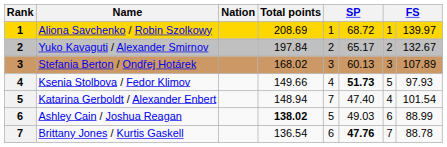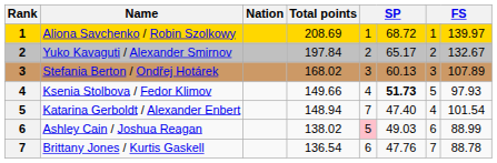 <table class="wikitable sortable">
 <tr>
 <th>Rank</th>
 <th>Name</th>
 <th>Nation</th>
 <th>Total points</th>
 <th colspan="2" width="80px"><a href='#'>SP</a></th>
 <th colspan="2" width="80px"><a href='#'>FS</a></th>
 </tr>
 <tr bgcolor="gold">
 <td align="center"><strong>1</strong></td>
 <td><a href='#'>Aliona Savchenko</a> / <a href='#'>Robin Szolkowy</a></td>
 <td></td>
 <td align="center">208.69</td>
 <td align="center">1</td>
 <td align="center">68.72</td>
 <td align="center">1</td>
 <td align="center">139.97</td>
 </tr>
 <tr bgcolor="silver">
 <td align="center"><strong>2</strong></td>
 <td><a href='#'>Yuko Kavaguti</a> / <a href='#'>Alexander Smirnov</a></td>
 <td></td>
 <td align="center">197.84</td>
 <td align="center">2</td>
 <td align="center">65.17</td>
 <td align="center">2</td>
 <td align="center">132.67</td>
 </tr>
 <tr bgcolor="cc9966">
 <td align="center"><strong>3</strong></td>
 <td><a href='#'>Stefania Berton</a> / <a href='#'>Ondřej Hotárek</a></td>
 <td></td>
 <td align="center">168.02</td>
 <td align="center">3</td>
 <td align="center">60.13</td>
 <td align="center">3</td>
 <td align="center">107.89</td>
 </tr>
 <tr>
 <th>4</th>
 <td><a href='#'>Ksenia Stolbova</a> / <a href='#'>Fedor Klimov</a></td>
 <td></td>
 <td align="center">149.66</td>
 <td align="center">4</td>
 <td align="center"><strong>51.73</strong></td>
 <td align="center">5</td>
 <td align="center">97.93</td>
 </tr>
 <tr>
 <th>5</th>
 <td><a href='#'>Katarina Gerboldt</a> / <a href='#'>Alexander Enbert</a></td>
 <td></td>
 <td align="center">148.94</td>
 <td align="center">7</td>
 <td align="center">47.40</td>
 <td align="center">4</td>
 <td align="center">101.54</td>
 </tr>
 <tr>
 <th>6</th>
 <td><a href='#'>Ashley Cain</a> / <a href='#'>Joshua Reagan</a></td>
 <td></td>
-<td align="center"><strong>138.02</strong></td>
-<td align="center">5</td>
+<td align="center">138.02</td>
+<td align="center" style="background: pink;">5</td>
 <td align="center">49.03</td>
 <td align="center">6</td>
 <td align="center">88.99</td>
 </tr>
 <tr>
 <th>7</th>
 <td><a href='#'>Brittany Jones</a> / <a href='#'>Kurtis Gaskell</a></td>
 <td></td>
 <td align="center">136.54</td>
 <td align="center">6</td>
-<td align="center"><strong>47.76</strong></td>
+<td align="center">47.76</td>
 <td align="center">7</td>
 <td align="center">88.78</td>
 </tr>
 </table>
